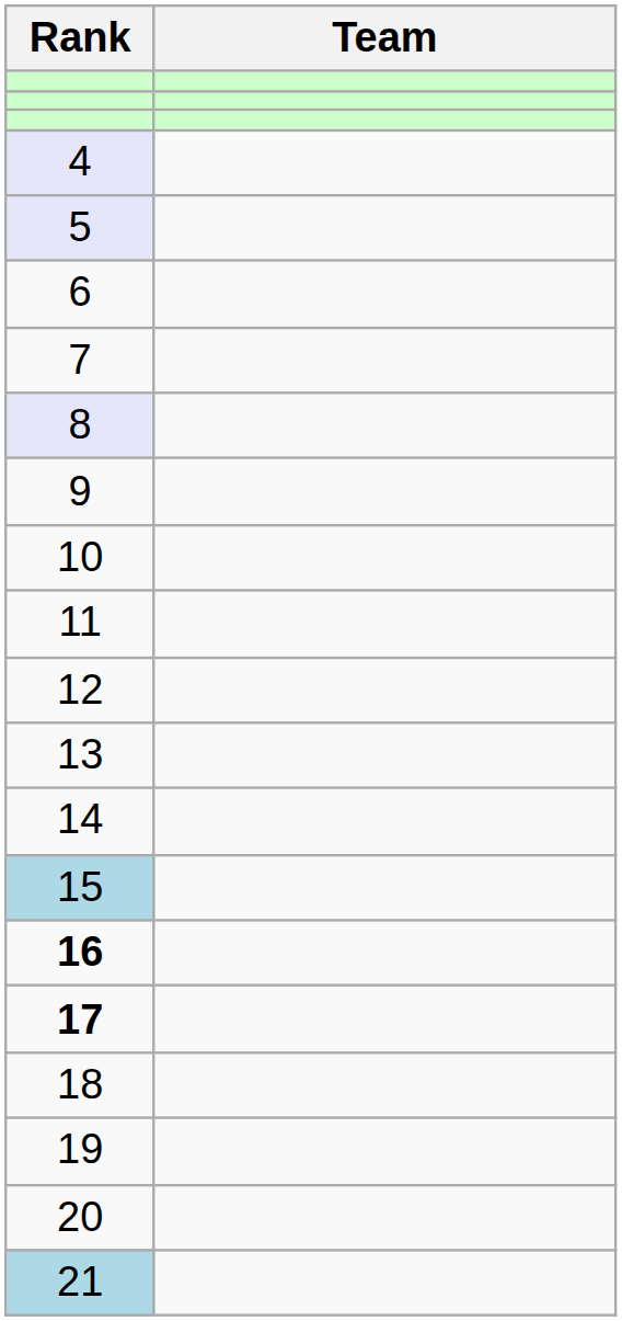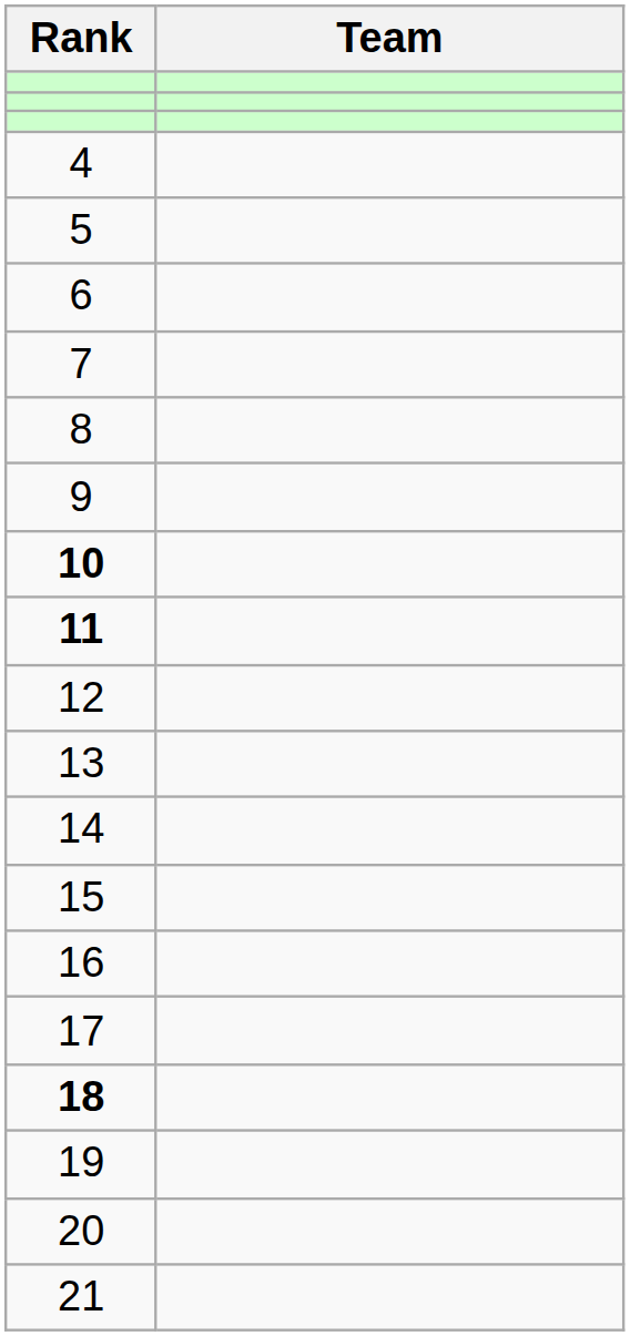 <table class="wikitable" style="text-align: center">
 <tr>
 <th width=50>Rank</th>
 <th width=170>Team</th>
 </tr>
 <tr bgcolor=#ccffcc>
 <td></td>
 <td align=left></td>
 </tr>
 <tr bgcolor=#ccffcc>
 <td></td>
 <td align=left></td>
 </tr>
 <tr bgcolor=#ccffcc>
 <td></td>
 <td align=left></td>
 </tr>
 <tr>
-<td style="background: lavender;">4</td>
+<td>4</td>
 <td align=left></td>
 </tr>
 <tr>
-<td style="background: lavender;">5</td>
+<td>5</td>
 <td align=left></td>
 </tr>
 <tr>
 <td>6</td>
 <td align=left></td>
 </tr>
 <tr>
 <td>7</td>
 <td align=left></td>
 </tr>
 <tr>
-<td style="background: lavender;">8</td>
+<td>8</td>
 <td align=left></td>
 </tr>
 <tr>
 <td>9</td>
 <td align=left></td>
 </tr>
 <tr>
-<td>10</td>
+<td><strong>10</strong></td>
 <td align=left></td>
 </tr>
 <tr>
-<td>11</td>
+<td><strong>11</strong></td>
 <td align=left></td>
 </tr>
 <tr>
 <td>12</td>
 <td align=left></td>
 </tr>
 <tr>
 <td>13</td>
 <td align=left></td>
 </tr>
 <tr>
 <td>14</td>
 <td align=left></td>
 </tr>
 <tr>
-<td style="background: lightblue;">15</td>
+<td>15</td>
 <td align=left></td>
 </tr>
 <tr>
-<td><strong>16</strong></td>
+<td>16</td>
 <td align=left></td>
 </tr>
 <tr>
-<td><strong>17</strong></td>
+<td>17</td>
 <td align=left></td>
 </tr>
 <tr>
-<td>18</td>
+<td><strong>18</strong></td>
 <td align=left></td>
 </tr>
 <tr>
 <td>19</td>
 <td align=left></td>
 </tr>
 <tr>
 <td>20</td>
 <td align=left></td>
 </tr>
 <tr>
-<td style="background: lightblue;">21</td>
+<td>21</td>
 <td align=left></td>
 </tr>
 </table>
